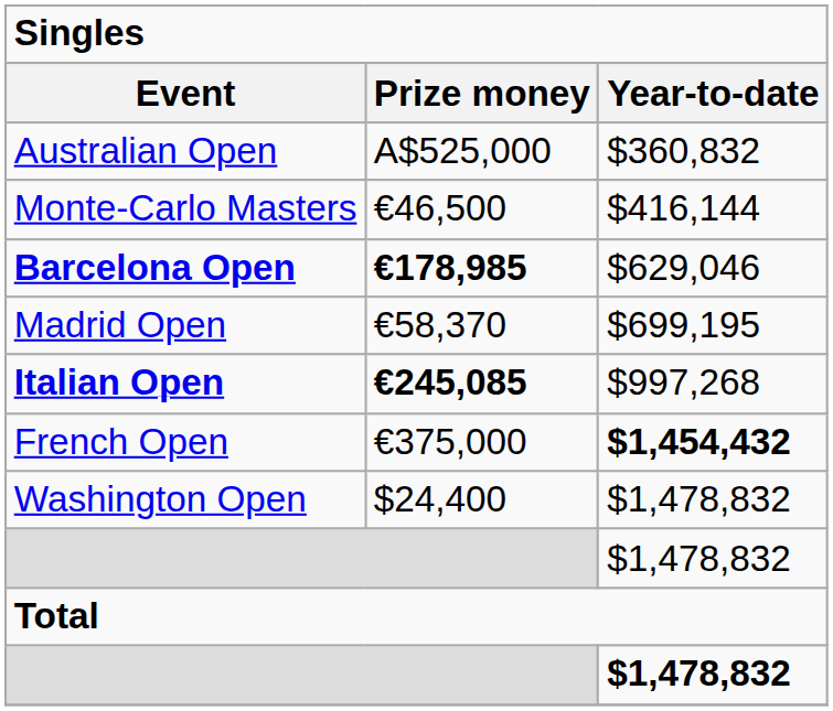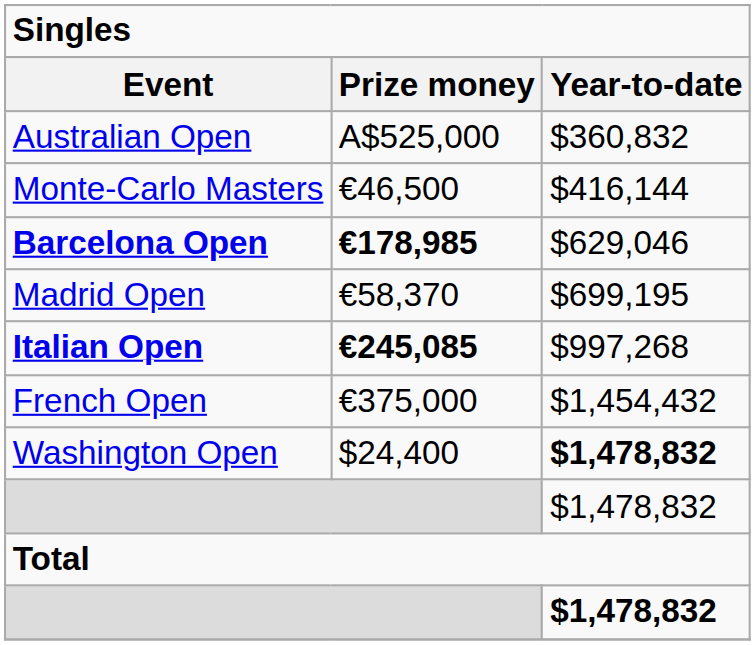 <table class="wikitable sortable">
 <tr>
 <td colspan=3><strong>Singles</strong></td>
 </tr>
 <tr>
 <th>Event</th>
 <th>Prize money</th>
 <th>Year-to-date</th>
 </tr>
 <tr>
 <td><a href='#'>Australian Open</a></td>
 <td>A$525,000</td>
 <td>$360,832</td>
 </tr>
 <tr>
 <td><a href='#'>Monte-Carlo Masters</a></td>
 <td>€46,500</td>
 <td>$416,144</td>
 </tr>
 <tr>
 <td><strong><a href='#'>Barcelona Open</a></strong></td>
 <td><strong>€178,985</strong></td>
 <td>$629,046</td>
 </tr>
 <tr>
 <td><a href='#'>Madrid Open</a></td>
 <td>€58,370</td>
 <td>$699,195</td>
 </tr>
 <tr>
 <td><a href='#'><strong>Italian Open</strong></a></td>
 <td><strong>€245,085</strong></td>
 <td>$997,268</td>
 </tr>
 <tr>
 <td><a href='#'>French Open</a></td>
 <td>€375,000</td>
-<td><strong>$1,454,432</strong></td>
+<td>$1,454,432</td>
 </tr>
 <tr>
 <td><a href='#'>Washington Open</a></td>
 <td>$24,400</td>
-<td>$1,478,832</td>
+<td><strong>$1,478,832</strong></td>
 </tr>
 <tr class="sortbottom">
 <td colspan=2 bgcolor=#DCDCDC></td>
 <td>$1,478,832</td>
 </tr>
 <tr>
 <td colspan=3><strong>Total</strong></td>
 </tr>
 <tr class="sortbottom">
 <td colspan=2 bgcolor=#DCDCDC></td>
 <td><strong>$1,478,832</strong></td>
 </tr>
 <tr>
 </tr>
 </table>
